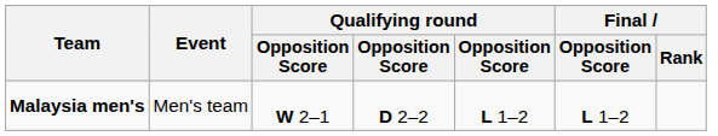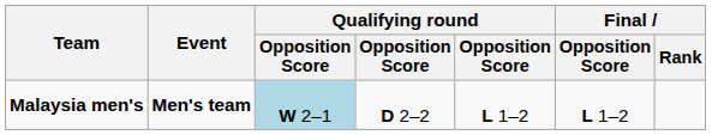 <table class="wikitable" style="font-size:90%">
 <tr>
 <th rowspan=2>Team</th>
 <th rowspan=2>Event</th>
 <th colspan=3>Qualifying round</th>
 <th colspan=2>Final / </th>
 </tr>
 <tr style="font-size:95%">
 <th>Opposition<br>Score</th>
 <th>Opposition<br>Score</th>
 <th>Opposition<br>Score</th>
 <th>Opposition<br>Score</th>
 <th>Rank</th>
 </tr>
 <tr align=center>
 <td align=left><strong>Malaysia men's</strong></td>
-<td align=left>Men's team</td>
-<td><br><strong>W</strong> 2–1</td>
+<td align=left><strong>Men's team</strong></td>
+<td style="background: lightblue;"><br><strong>W</strong> 2–1</td>
 <td><br><strong>D</strong> 2–2</td>
 <td><br><strong>L</strong> 1–2</td>
 <td><br><strong>L</strong> 1–2</td>
 <td></td>
 </tr>
 </table>
